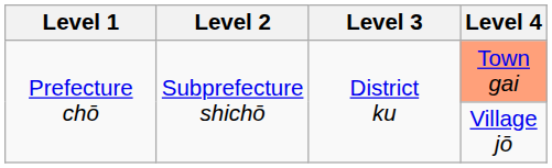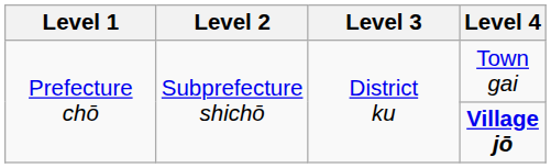 <table class=wikitable>
 <tr>
 <th width=100>Level 1</th>
 <th width=100>Level 2</th>
 <th width=100>Level 3</th>
 <th>Level 4</th>
 </tr>
 <tr align=center>
 <td rowspan=2><a href='#'>Prefecture</a><br> <em>chō</em></td>
 <td rowspan=2><a href='#'>Subprefecture</a><br> <em>shichō</em></td>
 <td rowspan=2><a href='#'>District</a><br> <em>ku</em></td>
-<td style="background: lightsalmon;"><a href='#'>Town</a><br> <em>gai</em></td>
+<td><a href='#'>Town</a><br> <em>gai</em></td>
 </tr>
 <tr align=center>
-<td><a href='#'>Village</a><br> <em>jō</em></td>
+<td><strong><a href='#'>Village</a><br> <em>jō</em></strong></td>
 </tr>
 </table>
